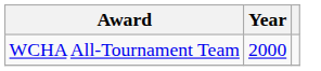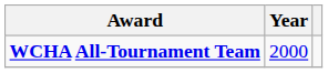 <table class="wikitable">
 <tr>
 <th>Award</th>
 <th>Year</th>
 <th></th>
 </tr>
 <tr>
-<td><a href='#'>WCHA</a> <a href='#'>All-Tournament Team</a></td>
+<td><strong><a href='#'>WCHA</a> <a href='#'>All-Tournament Team</a></strong></td>
 <td><a href='#'>2000</a></td>
 <td></td>
 </tr>
 <tr>
 </tr>
 </table>
